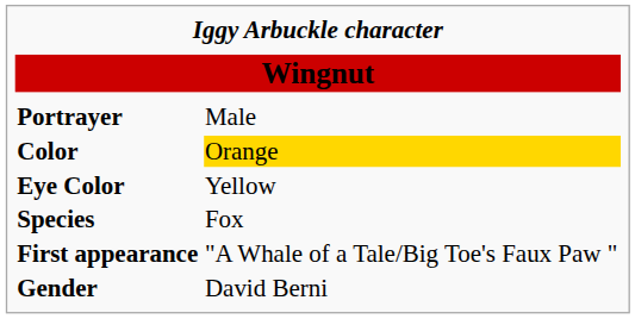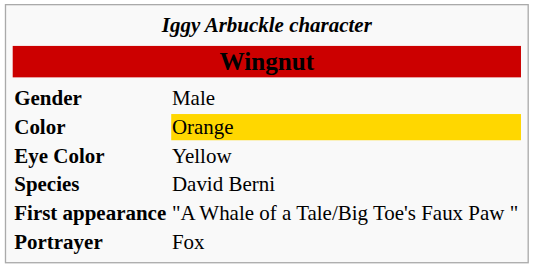 <table class="infobox" style="width: 25em;">
 <tr>
 <td colspan="2" style="text-align:center;"><strong><em>Iggy Arbuckle character</em></strong></td>
 </tr>
 <tr>
 <td colspan="2" style="text-align:center;"></td>
 </tr>
 <tr>
 <th colspan="2" style="font-size: larger; background-color:#c00; color:#000;"><strong>Wingnut</strong></th>
 </tr>
 <tr>
 <td colspan="2"></td>
 </tr>
 <tr>
-<td><strong>Portrayer</strong></td>
+<td><strong>Gender</strong></td>
 <td>Male</td>
 </tr>
 <tr>
 <td><strong>Color</strong></td>
 <td style="background: gold;">Orange</td>
 </tr>
 <tr>
 <td><strong>Eye Color</strong></td>
 <td>Yellow</td>
 </tr>
 <tr>
 <td><strong>Species</strong></td>
-<td>Fox</td>
+<td>David Berni</td>
 </tr>
 <tr>
 <td><strong>First appearance</strong></td>
 <td>"A Whale of a Tale/Big Toe's Faux Paw "</td>
 </tr>
 <tr>
-<td><strong>Gender</strong></td>
-<td>David Berni</td>
+<td><strong>Portrayer</strong></td>
+<td>Fox</td>
 </tr>
 </table>
